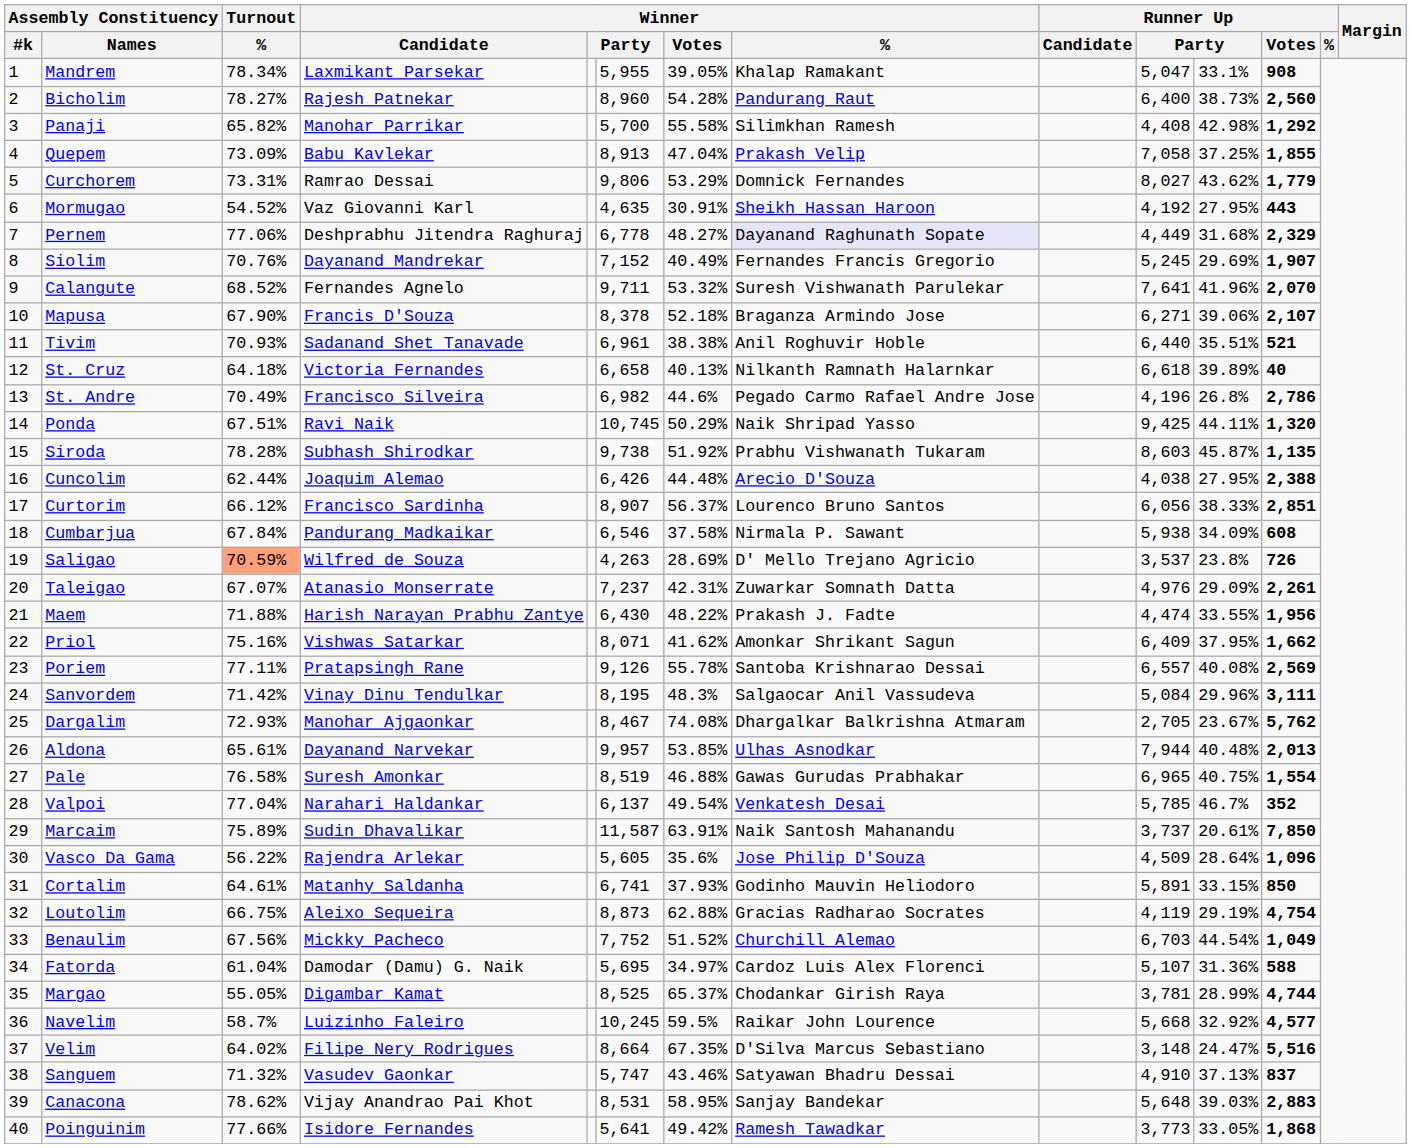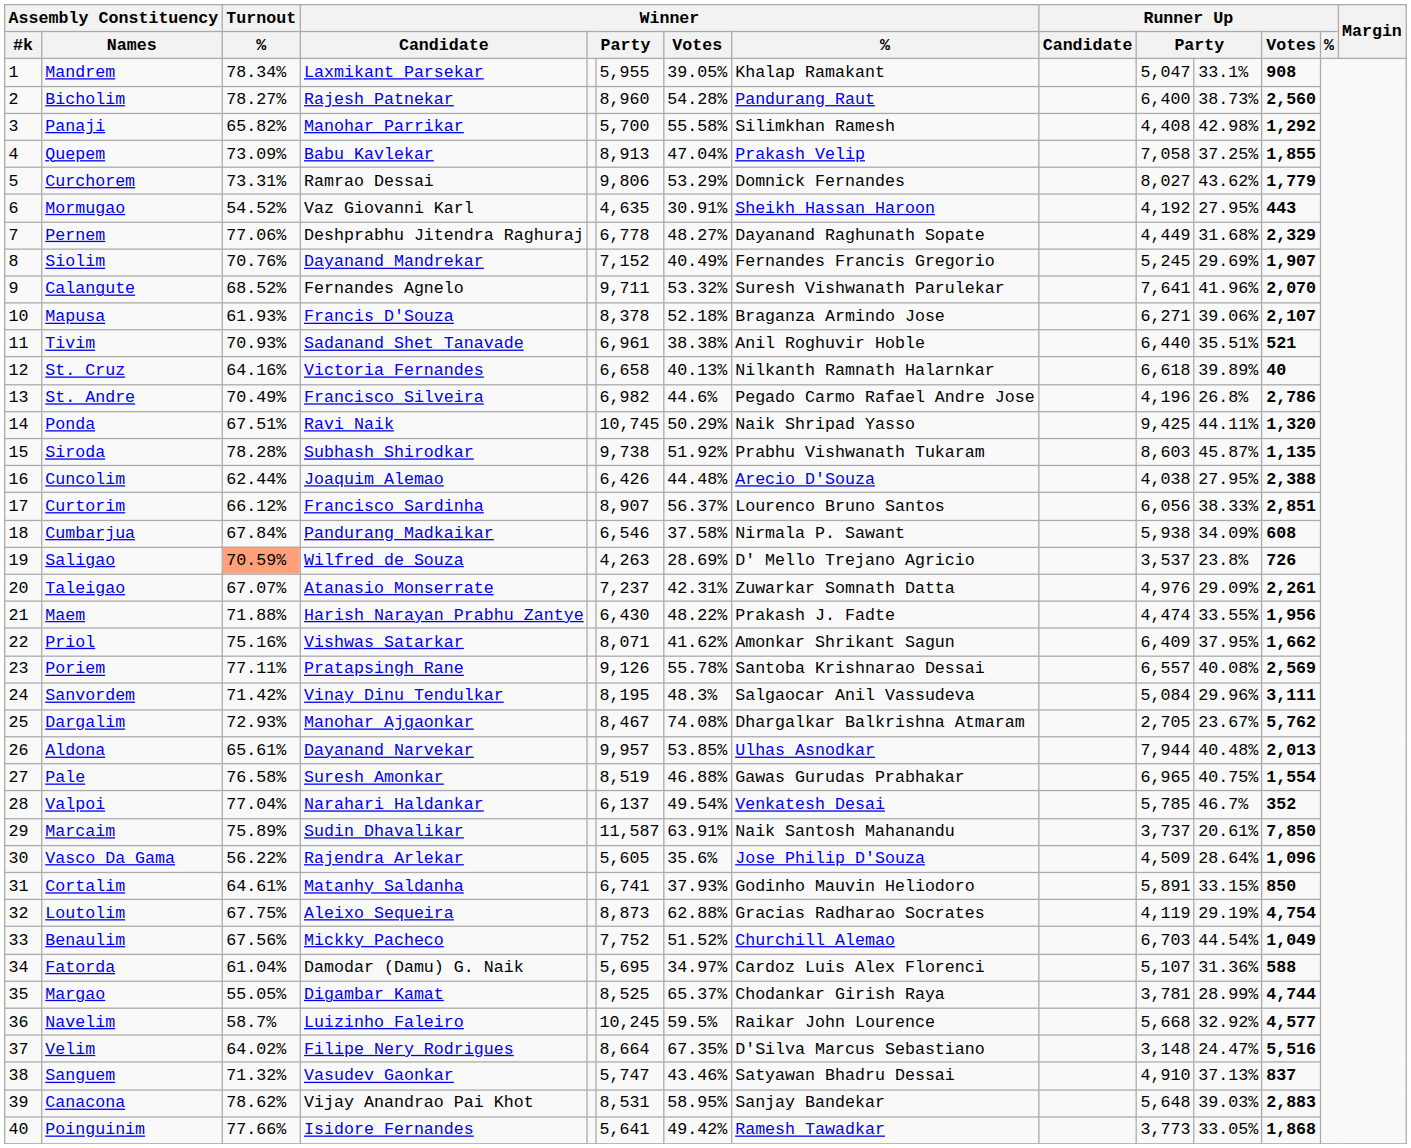 <table class="wikitable sortable">
 <tr>
 <th colspan="2">Assembly Constituency</th>
 <th>Turnout</th>
 <th colspan="5">Winner</th>
 <th colspan="5">Runner Up</th>
 <th rowspan="2" data-sort-type=number>Margin</th>
 </tr>
 <tr>
 <th>#k</th>
 <th>Names</th>
 <th>%</th>
 <th>Candidate</th>
 <th colspan="2">Party</th>
 <th data-sort-type=number>Votes</th>
 <th>%</th>
 <th>Candidate</th>
 <th colspan="2">Party</th>
 <th data-sort-type=number>Votes</th>
 <th>%</th>
 </tr>
 <tr>
 <td>1</td>
 <td><a href='#'>Mandrem</a></td>
 <td>78.34%</td>
 <td><a href='#'>Laxmikant Parsekar</a></td>
 <td></td>
 <td>5,955</td>
 <td>39.05%</td>
 <td>Khalap Ramakant</td>
 <td></td>
 <td>5,047</td>
 <td>33.1%</td>
 <td style="background:"><span><strong>908</strong></span></td>
 </tr>
 <tr>
 <td>2</td>
 <td><a href='#'>Bicholim</a></td>
 <td>78.27%</td>
 <td><a href='#'>Rajesh Patnekar</a></td>
 <td></td>
 <td>8,960</td>
 <td>54.28%</td>
 <td><a href='#'>Pandurang Raut</a></td>
 <td></td>
 <td>6,400</td>
 <td>38.73%</td>
 <td style="background:"><span><strong>2,560</strong></span></td>
 </tr>
 <tr>
 <td>3</td>
 <td><a href='#'>Panaji</a></td>
 <td>65.82%</td>
 <td><a href='#'>Manohar Parrikar</a></td>
 <td></td>
 <td>5,700</td>
 <td>55.58%</td>
 <td>Silimkhan Ramesh</td>
 <td></td>
 <td>4,408</td>
 <td>42.98%</td>
 <td style="background:"><span><strong>1,292</strong></span></td>
 </tr>
 <tr>
 <td>4</td>
 <td><a href='#'>Quepem</a></td>
 <td>73.09%</td>
 <td><a href='#'>Babu Kavlekar</a></td>
 <td></td>
 <td>8,913</td>
 <td>47.04%</td>
 <td><a href='#'>Prakash Velip</a></td>
 <td></td>
 <td>7,058</td>
 <td>37.25%</td>
 <td style="background:"><span><strong>1,855</strong></span></td>
 </tr>
 <tr>
 <td>5</td>
 <td><a href='#'>Curchorem</a></td>
 <td>73.31%</td>
 <td>Ramrao Dessai</td>
 <td></td>
 <td>9,806</td>
 <td>53.29%</td>
 <td>Domnick Fernandes</td>
 <td></td>
 <td>8,027</td>
 <td>43.62%</td>
 <td style="background:"><span><strong>1,779</strong></span></td>
 </tr>
 <tr>
 <td>6</td>
 <td><a href='#'>Mormugao</a></td>
 <td>54.52%</td>
 <td>Vaz Giovanni Karl</td>
 <td></td>
 <td>4,635</td>
 <td>30.91%</td>
 <td><a href='#'>Sheikh Hassan Haroon</a></td>
 <td></td>
 <td>4,192</td>
 <td>27.95%</td>
 <td style="background:"><span><strong>443</strong></span></td>
 </tr>
 <tr>
 <td>7</td>
 <td><a href='#'>Pernem</a></td>
 <td>77.06%</td>
 <td>Deshprabhu Jitendra Raghuraj</td>
 <td></td>
 <td>6,778</td>
 <td>48.27%</td>
-<td style="background: lavender;">Dayanand Raghunath Sopate</td>
+<td>Dayanand Raghunath Sopate</td>
 <td></td>
 <td>4,449</td>
 <td>31.68%</td>
 <td style="background:"><span><strong>2,329</strong></span></td>
 </tr>
 <tr>
 <td>8</td>
 <td><a href='#'>Siolim</a></td>
 <td>70.76%</td>
 <td><a href='#'>Dayanand Mandrekar</a></td>
 <td></td>
 <td>7,152</td>
 <td>40.49%</td>
 <td>Fernandes Francis Gregorio</td>
 <td></td>
 <td>5,245</td>
 <td>29.69%</td>
 <td style="background:"><span><strong>1,907</strong></span></td>
 </tr>
 <tr>
 <td>9</td>
 <td><a href='#'>Calangute</a></td>
 <td>68.52%</td>
 <td>Fernandes Agnelo</td>
 <td></td>
 <td>9,711</td>
 <td>53.32%</td>
 <td>Suresh Vishwanath Parulekar</td>
 <td></td>
 <td>7,641</td>
 <td>41.96%</td>
 <td style="background:"><span><strong>2,070</strong></span></td>
 </tr>
 <tr>
 <td>10</td>
 <td><a href='#'>Mapusa</a></td>
-<td>67.90%</td>
+<td>61.93%</td>
 <td><a href='#'>Francis D'Souza</a></td>
 <td></td>
 <td>8,378</td>
 <td>52.18%</td>
 <td>Braganza Armindo Jose</td>
 <td></td>
 <td>6,271</td>
 <td>39.06%</td>
 <td style="background:"><span><strong>2,107</strong></span></td>
 </tr>
 <tr>
 <td>11</td>
 <td><a href='#'>Tivim</a></td>
 <td>70.93%</td>
 <td><a href='#'>Sadanand Shet Tanavade</a></td>
 <td></td>
 <td>6,961</td>
 <td>38.38%</td>
 <td>Anil Roghuvir Hoble</td>
 <td></td>
 <td>6,440</td>
 <td>35.51%</td>
 <td style="background:"><span><strong>521</strong></span></td>
 </tr>
 <tr>
 <td>12</td>
 <td><a href='#'>St. Cruz</a></td>
-<td>64.18%</td>
+<td>64.16%</td>
 <td><a href='#'>Victoria Fernandes</a></td>
 <td></td>
 <td>6,658</td>
 <td>40.13%</td>
 <td>Nilkanth Ramnath Halarnkar</td>
 <td></td>
 <td>6,618</td>
 <td>39.89%</td>
 <td style="background:"><span><strong>40</strong></span></td>
 </tr>
 <tr>
 <td>13</td>
 <td><a href='#'>St. Andre</a></td>
 <td>70.49%</td>
 <td><a href='#'>Francisco Silveira</a></td>
 <td></td>
 <td>6,982</td>
 <td>44.6%</td>
 <td>Pegado Carmo Rafael Andre Jose</td>
 <td></td>
 <td>4,196</td>
 <td>26.8%</td>
 <td style="background:"><span><strong>2,786</strong></span></td>
 </tr>
 <tr>
 <td>14</td>
 <td><a href='#'>Ponda</a></td>
 <td>67.51%</td>
 <td><a href='#'>Ravi Naik</a></td>
 <td></td>
 <td>10,745</td>
 <td>50.29%</td>
 <td>Naik Shripad Yasso</td>
 <td></td>
 <td>9,425</td>
 <td>44.11%</td>
 <td style="background:"><span><strong>1,320</strong></span></td>
 </tr>
 <tr>
 <td>15</td>
 <td><a href='#'>Siroda</a></td>
 <td>78.28%</td>
 <td><a href='#'>Subhash Shirodkar</a></td>
 <td></td>
 <td>9,738</td>
 <td>51.92%</td>
 <td>Prabhu Vishwanath Tukaram</td>
 <td></td>
 <td>8,603</td>
 <td>45.87%</td>
 <td style="background:"><span><strong>1,135</strong></span></td>
 </tr>
 <tr>
 <td>16</td>
 <td><a href='#'>Cuncolim</a></td>
 <td>62.44%</td>
 <td><a href='#'>Joaquim Alemao</a></td>
 <td></td>
 <td>6,426</td>
 <td>44.48%</td>
 <td><a href='#'>Arecio D'Souza</a></td>
 <td></td>
 <td>4,038</td>
 <td>27.95%</td>
 <td style="background:"><span><strong>2,388</strong></span></td>
 </tr>
 <tr>
 <td>17</td>
 <td><a href='#'>Curtorim</a></td>
 <td>66.12%</td>
 <td><a href='#'>Francisco Sardinha</a></td>
 <td></td>
 <td>8,907</td>
 <td>56.37%</td>
 <td>Lourenco Bruno Santos</td>
 <td></td>
 <td>6,056</td>
 <td>38.33%</td>
 <td style="background:"><span><strong>2,851</strong></span></td>
 </tr>
 <tr>
 <td>18</td>
 <td><a href='#'>Cumbarjua</a></td>
 <td>67.84%</td>
 <td><a href='#'>Pandurang Madkaikar</a></td>
 <td></td>
 <td>6,546</td>
 <td>37.58%</td>
 <td>Nirmala P. Sawant</td>
 <td></td>
 <td>5,938</td>
 <td>34.09%</td>
 <td style="background:"><span><strong>608</strong></span></td>
 </tr>
 <tr>
 <td>19</td>
 <td><a href='#'>Saligao</a></td>
 <td style="background: lightsalmon;">70.59%</td>
 <td><a href='#'>Wilfred de Souza</a></td>
 <td></td>
 <td>4,263</td>
 <td>28.69%</td>
 <td>D' Mello Trejano Agricio</td>
 <td></td>
 <td>3,537</td>
 <td>23.8%</td>
 <td style="background:"><span><strong>726</strong></span></td>
 </tr>
 <tr>
 <td>20</td>
 <td><a href='#'>Taleigao</a></td>
 <td>67.07%</td>
 <td><a href='#'>Atanasio Monserrate</a></td>
 <td></td>
 <td>7,237</td>
 <td>42.31%</td>
 <td>Zuwarkar Somnath Datta</td>
 <td></td>
 <td>4,976</td>
 <td>29.09%</td>
 <td style="background:"><span><strong>2,261</strong></span></td>
 </tr>
 <tr>
 <td>21</td>
 <td><a href='#'>Maem</a></td>
 <td>71.88%</td>
 <td><a href='#'>Harish Narayan Prabhu Zantye</a></td>
 <td></td>
 <td>6,430</td>
 <td>48.22%</td>
 <td>Prakash J. Fadte</td>
 <td></td>
 <td>4,474</td>
 <td>33.55%</td>
 <td style="background:"><span><strong>1,956</strong></span></td>
 </tr>
 <tr>
 <td>22</td>
 <td><a href='#'>Priol</a></td>
 <td>75.16%</td>
 <td><a href='#'>Vishwas Satarkar</a></td>
 <td></td>
 <td>8,071</td>
 <td>41.62%</td>
 <td>Amonkar Shrikant Sagun</td>
 <td></td>
 <td>6,409</td>
 <td>37.95%</td>
 <td style="background:"><span><strong>1,662</strong></span></td>
 </tr>
 <tr>
 <td>23</td>
 <td><a href='#'>Poriem</a></td>
 <td>77.11%</td>
 <td><a href='#'>Pratapsingh Rane</a></td>
 <td></td>
 <td>9,126</td>
 <td>55.78%</td>
 <td>Santoba Krishnarao Dessai</td>
 <td></td>
 <td>6,557</td>
 <td>40.08%</td>
 <td style="background:"><span><strong>2,569</strong></span></td>
 </tr>
 <tr>
 <td>24</td>
 <td><a href='#'>Sanvordem</a></td>
 <td>71.42%</td>
 <td><a href='#'>Vinay Dinu Tendulkar</a></td>
 <td></td>
 <td>8,195</td>
 <td>48.3%</td>
 <td>Salgaocar Anil Vassudeva</td>
 <td></td>
 <td>5,084</td>
 <td>29.96%</td>
 <td style="background:"><span><strong>3,111</strong></span></td>
 </tr>
 <tr>
 <td>25</td>
 <td><a href='#'>Dargalim</a></td>
 <td>72.93%</td>
 <td><a href='#'>Manohar Ajgaonkar</a></td>
 <td></td>
 <td>8,467</td>
 <td>74.08%</td>
 <td>Dhargalkar Balkrishna Atmaram</td>
 <td></td>
 <td>2,705</td>
 <td>23.67%</td>
 <td style="background:"><span><strong>5,762</strong></span></td>
 </tr>
 <tr>
 <td>26</td>
 <td><a href='#'>Aldona</a></td>
 <td>65.61%</td>
 <td><a href='#'>Dayanand Narvekar</a></td>
 <td></td>
 <td>9,957</td>
 <td>53.85%</td>
 <td><a href='#'>Ulhas Asnodkar</a></td>
 <td></td>
 <td>7,944</td>
 <td>40.48%</td>
 <td style="background:"><span><strong>2,013</strong></span></td>
 </tr>
 <tr>
 <td>27</td>
 <td><a href='#'>Pale</a></td>
 <td>76.58%</td>
 <td><a href='#'>Suresh Amonkar</a></td>
 <td></td>
 <td>8,519</td>
 <td>46.88%</td>
 <td>Gawas Gurudas Prabhakar</td>
 <td></td>
 <td>6,965</td>
 <td>40.75%</td>
 <td style="background:"><span><strong>1,554</strong></span></td>
 </tr>
 <tr>
 <td>28</td>
 <td><a href='#'>Valpoi</a></td>
 <td>77.04%</td>
 <td><a href='#'>Narahari Haldankar</a></td>
 <td></td>
 <td>6,137</td>
 <td>49.54%</td>
 <td><a href='#'>Venkatesh Desai</a></td>
 <td></td>
 <td>5,785</td>
 <td>46.7%</td>
 <td style="background:"><span><strong>352</strong></span></td>
 </tr>
 <tr>
 <td>29</td>
 <td><a href='#'>Marcaim</a></td>
 <td>75.89%</td>
 <td><a href='#'>Sudin Dhavalikar</a></td>
 <td></td>
 <td>11,587</td>
 <td>63.91%</td>
 <td>Naik Santosh Mahanandu</td>
 <td></td>
 <td>3,737</td>
 <td>20.61%</td>
 <td style="background:"><span><strong>7,850</strong></span></td>
 </tr>
 <tr>
 <td>30</td>
 <td><a href='#'>Vasco Da Gama</a></td>
 <td>56.22%</td>
 <td><a href='#'>Rajendra Arlekar</a></td>
 <td></td>
 <td>5,605</td>
 <td>35.6%</td>
 <td><a href='#'>Jose Philip D'Souza</a></td>
 <td></td>
 <td>4,509</td>
 <td>28.64%</td>
 <td style="background:"><span><strong>1,096</strong></span></td>
 </tr>
 <tr>
 <td>31</td>
 <td><a href='#'>Cortalim</a></td>
 <td>64.61%</td>
 <td><a href='#'>Matanhy Saldanha</a></td>
 <td></td>
 <td>6,741</td>
 <td>37.93%</td>
 <td>Godinho Mauvin Heliodoro</td>
 <td></td>
 <td>5,891</td>
 <td>33.15%</td>
 <td style="background:"><span><strong>850</strong></span></td>
 </tr>
 <tr>
 <td>32</td>
 <td><a href='#'>Loutolim</a></td>
-<td>66.75%</td>
+<td>67.75%</td>
 <td><a href='#'>Aleixo Sequeira</a></td>
 <td></td>
 <td>8,873</td>
 <td>62.88%</td>
 <td>Gracias Radharao Socrates</td>
 <td></td>
 <td>4,119</td>
 <td>29.19%</td>
 <td style="background:"><span><strong>4,754</strong></span></td>
 </tr>
 <tr>
 <td>33</td>
 <td><a href='#'>Benaulim</a></td>
 <td>67.56%</td>
 <td><a href='#'>Mickky Pacheco</a></td>
 <td></td>
 <td>7,752</td>
 <td>51.52%</td>
 <td><a href='#'>Churchill Alemao</a></td>
 <td></td>
 <td>6,703</td>
 <td>44.54%</td>
 <td style="background:"><span><strong>1,049</strong></span></td>
 </tr>
 <tr>
 <td>34</td>
 <td><a href='#'>Fatorda</a></td>
 <td>61.04%</td>
 <td>Damodar (Damu) G. Naik</td>
 <td></td>
 <td>5,695</td>
 <td>34.97%</td>
 <td>Cardoz Luis Alex Florenci</td>
 <td></td>
 <td>5,107</td>
 <td>31.36%</td>
 <td style="background:"><span><strong>588</strong></span></td>
 </tr>
 <tr>
 <td>35</td>
 <td><a href='#'>Margao</a></td>
 <td>55.05%</td>
 <td><a href='#'>Digambar Kamat</a></td>
 <td></td>
 <td>8,525</td>
 <td>65.37%</td>
 <td>Chodankar Girish Raya</td>
 <td></td>
 <td>3,781</td>
 <td>28.99%</td>
 <td style="background:"><span><strong>4,744</strong></span></td>
 </tr>
 <tr>
 <td>36</td>
 <td><a href='#'>Navelim</a></td>
 <td>58.7%</td>
 <td><a href='#'>Luizinho Faleiro</a></td>
 <td></td>
 <td>10,245</td>
 <td>59.5%</td>
 <td>Raikar John Lourence</td>
 <td></td>
 <td>5,668</td>
 <td>32.92%</td>
 <td style="background:"><span><strong>4,577</strong></span></td>
 </tr>
 <tr>
 <td>37</td>
 <td><a href='#'>Velim</a></td>
 <td>64.02%</td>
 <td><a href='#'>Filipe Nery Rodrigues</a></td>
 <td></td>
 <td>8,664</td>
 <td>67.35%</td>
 <td>D'Silva Marcus Sebastiano</td>
 <td></td>
 <td>3,148</td>
 <td>24.47%</td>
 <td style="background:"><span><strong>5,516</strong></span></td>
 </tr>
 <tr>
 <td>38</td>
 <td><a href='#'>Sanguem</a></td>
 <td>71.32%</td>
 <td><a href='#'>Vasudev Gaonkar</a></td>
 <td></td>
 <td>5,747</td>
 <td>43.46%</td>
 <td>Satyawan Bhadru Dessai</td>
 <td></td>
 <td>4,910</td>
 <td>37.13%</td>
 <td style="background:"><span><strong>837</strong></span></td>
 </tr>
 <tr>
 <td>39</td>
 <td><a href='#'>Canacona</a></td>
 <td>78.62%</td>
 <td>Vijay Anandrao Pai Khot</td>
 <td></td>
 <td>8,531</td>
 <td>58.95%</td>
 <td>Sanjay Bandekar</td>
 <td></td>
 <td>5,648</td>
 <td>39.03%</td>
 <td style="background:"><span><strong>2,883</strong></span></td>
 </tr>
 <tr>
 <td>40</td>
 <td><a href='#'>Poinguinim</a></td>
 <td>77.66%</td>
 <td><a href='#'>Isidore Fernandes</a></td>
 <td></td>
 <td>5,641</td>
 <td>49.42%</td>
 <td><a href='#'>Ramesh Tawadkar</a></td>
 <td></td>
 <td>3,773</td>
 <td>33.05%</td>
 <td style="background:"><span><strong>1,868</strong></span></td>
 </tr>
 </table>
